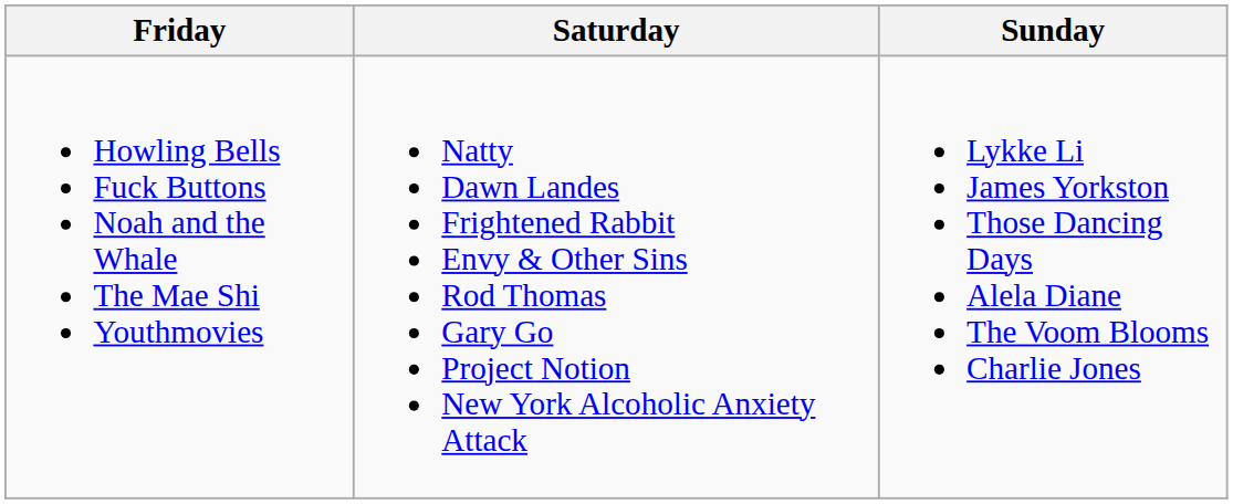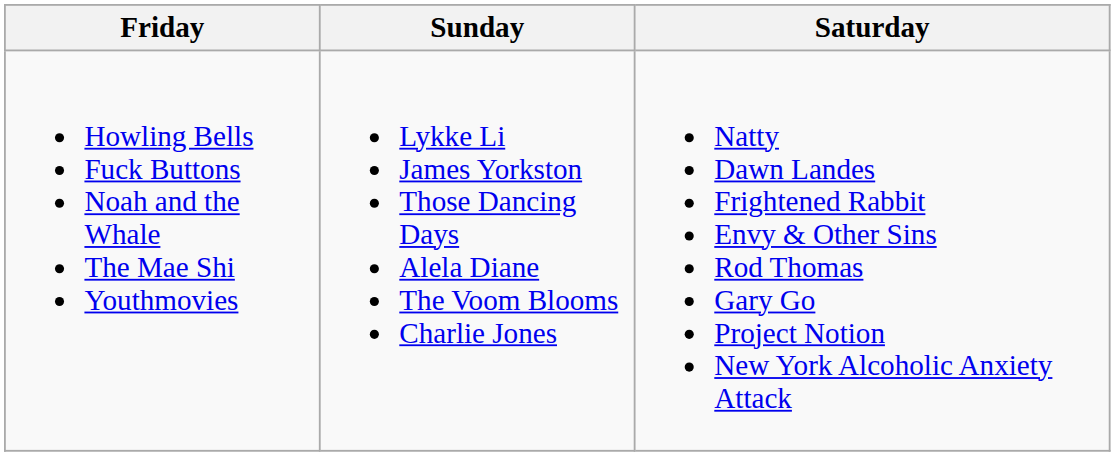 <table class="wikitable">
 <tr>
 <th>Friday</th>
+<th>Sunday</th>
 <th>Saturday</th>
-<th>Sunday</th>
 </tr>
 <tr>
 <td valign=top><br><ul><li><a href='#'>Howling Bells</a></li><li><a href='#'>Fuck Buttons</a></li><li><a href='#'>Noah and the Whale</a></li><li><a href='#'>The Mae Shi</a></li><li><a href='#'>Youthmovies</a></li></ul></td>
+<td valign=top><br><ul><li><a href='#'>Lykke Li</a></li><li><a href='#'>James Yorkston</a></li><li><a href='#'>Those Dancing Days</a></li><li><a href='#'>Alela Diane</a></li><li><a href='#'>The Voom Blooms</a></li><li><a href='#'>Charlie Jones</a></li></ul></td>
 <td valign=top><br><ul><li><a href='#'>Natty</a></li><li><a href='#'>Dawn Landes</a></li><li><a href='#'>Frightened Rabbit</a></li><li><a href='#'>Envy & Other Sins</a></li><li><a href='#'>Rod Thomas</a></li><li><a href='#'>Gary Go</a></li><li><a href='#'>Project Notion</a></li><li><a href='#'>New York Alcoholic Anxiety Attack</a></li></ul></td>
-<td valign=top><br><ul><li><a href='#'>Lykke Li</a></li><li><a href='#'>James Yorkston</a></li><li><a href='#'>Those Dancing Days</a></li><li><a href='#'>Alela Diane</a></li><li><a href='#'>The Voom Blooms</a></li><li><a href='#'>Charlie Jones</a></li></ul></td>
 </tr>
 </table>
